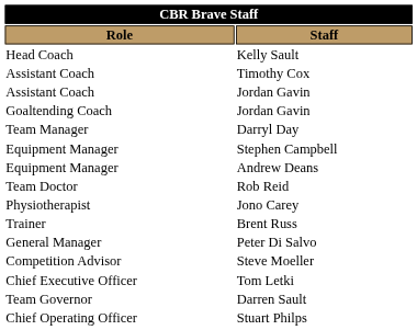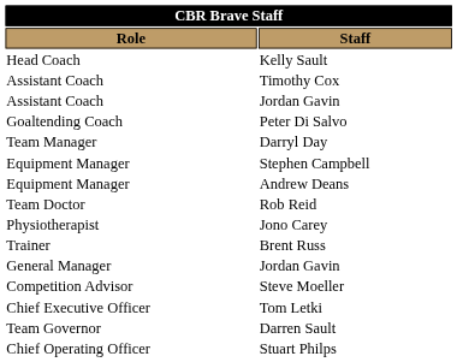 <table class="toccolours" style="width:30em">
 <tr>
 <th colspan="2" style="background:#000000;color:white;border:#000000 1px solid">CBR Brave Staff</th>
 </tr>
 <tr>
 <th style="background:#be9c68;color:#000000;border:#000000 1px solid">Role</th>
 <th style="background:#be9c68;color:#000000;border:#000000 1px solid">Staff</th>
 </tr>
 <tr>
 <td>Head Coach</td>
 <td> Kelly Sault</td>
 </tr>
 <tr>
 <td>Assistant Coach</td>
 <td> Timothy Cox</td>
 </tr>
 <tr>
 <td>Assistant Coach</td>
 <td> Jordan Gavin</td>
 </tr>
 <tr>
 <td>Goaltending Coach</td>
-<td> Jordan Gavin</td>
+<td> Peter Di Salvo</td>
 </tr>
 <tr>
 <td>Team Manager</td>
 <td> Darryl Day</td>
 </tr>
 <tr>
 <td>Equipment Manager</td>
 <td> Stephen Campbell</td>
 </tr>
 <tr>
 <td>Equipment Manager</td>
 <td> Andrew Deans</td>
 </tr>
 <tr>
 <td>Team Doctor</td>
 <td> Rob Reid</td>
 </tr>
 <tr>
 <td>Physiotherapist</td>
 <td> Jono Carey</td>
 </tr>
 <tr>
 <td>Trainer</td>
 <td> Brent Russ</td>
 </tr>
 <tr>
 <td>General Manager</td>
-<td> Peter Di Salvo</td>
+<td> Jordan Gavin</td>
 </tr>
 <tr>
 <td>Competition Advisor</td>
 <td> Steve Moeller</td>
 </tr>
 <tr>
 <td>Chief Executive Officer</td>
 <td> Tom Letki</td>
 </tr>
 <tr>
 <td>Team Governor</td>
 <td> Darren Sault</td>
 </tr>
 <tr>
 <td>Chief Operating Officer</td>
 <td> Stuart Philps</td>
 </tr>
 </table>
